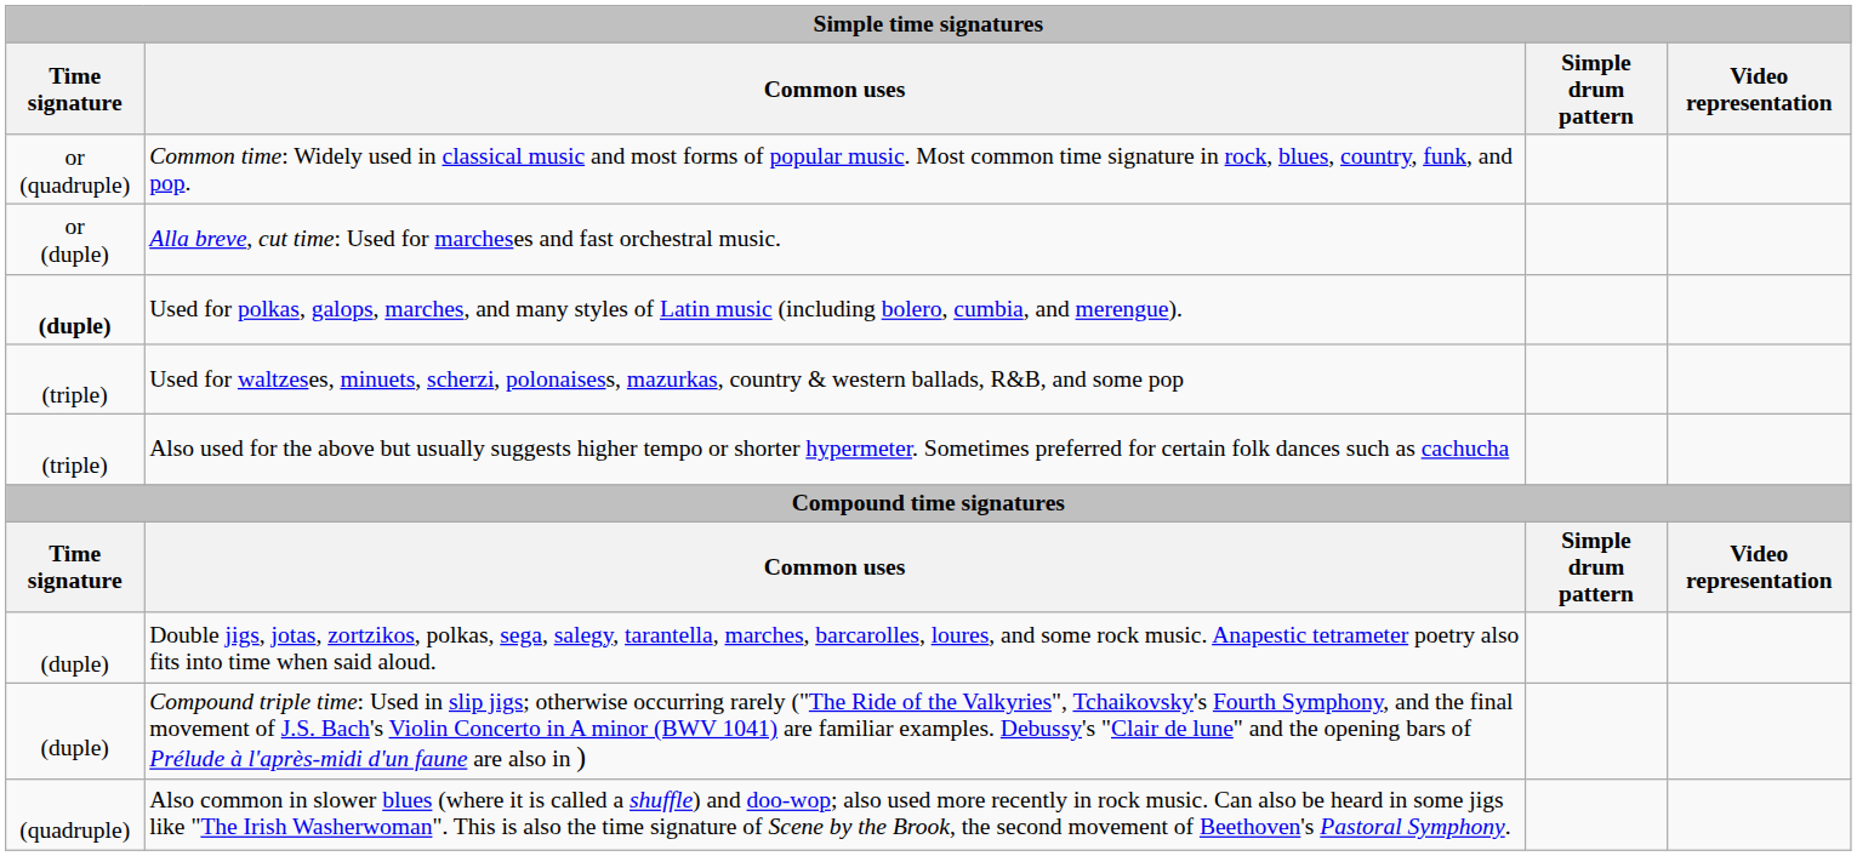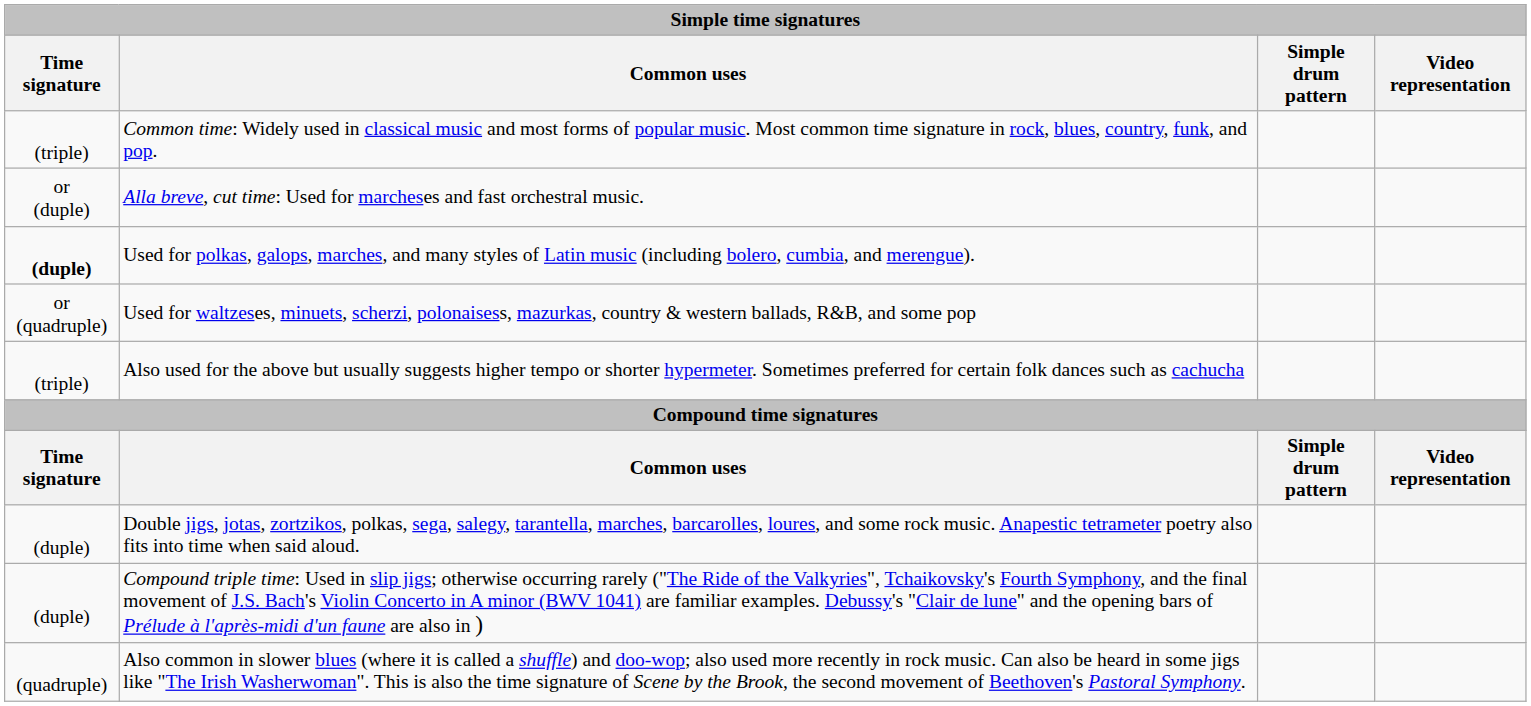 <table class="wikitable">
 <tr>
 <th colspan="4" style="background: Silver">Simple time signatures</th>
 </tr>
 <tr>
 <th>Time signature</th>
 <th>Common uses</th>
 <th>Simple drum pattern</th>
 <th>Video representation</th>
 </tr>
 <tr>
-<td align="center"><big></big> or <br>(quadruple)</td>
+<td align="center"><big></big><br>(triple)</td>
 <td><em>Common time</em>: Widely used in <a href='#'>classical music</a> and most forms of <a href='#'>popular music</a>. Most common time signature in <a href='#'>rock</a>, <a href='#'>blues</a>, <a href='#'>country</a>, <a href='#'>funk</a>, and <a href='#'>pop</a>.</td>
 <td></td>
 <td></td>
 </tr>
 <tr>
 <td align="center"><big></big> or <br>(duple)</td>
 <td><em><a href='#'>Alla breve</a></em>, <em>cut time</em>: Used for <a href='#'>marches</a>es and fast orchestral music.</td>
 <td></td>
 <td></td>
 </tr>
 <tr>
 <td align="center"><strong><big></big><br>(duple)</strong></td>
 <td>Used for <a href='#'>polkas</a>, <a href='#'>galops</a>, <a href='#'>marches</a>, and many styles of <a href='#'>Latin music</a> (including <a href='#'>bolero</a>, <a href='#'>cumbia</a>, and <a href='#'>merengue</a>).</td>
 <td></td>
 <td></td>
 </tr>
 <tr>
-<td align="center"><big></big><br>(triple)</td>
+<td align="center"><big></big> or <br>(quadruple)</td>
 <td> Used for <a href='#'>waltzes</a>es, <a href='#'>minuets</a>, <a href='#'>scherzi</a>, <a href='#'>polonaises</a>s, <a href='#'>mazurkas</a>, country & western ballads, R&B, and some pop</td>
 <td></td>
 <td></td>
 </tr>
 <tr>
 <td align="center"><big></big><br>(triple)</td>
 <td>Also used for the above but usually suggests higher tempo or shorter <a href='#'>hypermeter</a>. Sometimes preferred for certain folk dances such as <a href='#'>cachucha</a></td>
 <td></td>
 <td></td>
 </tr>
 <tr>
 <th colspan="4" style="background: Silver">Compound time signatures</th>
 </tr>
 <tr>
 <th>Time signature</th>
 <th>Common uses</th>
 <th>Simple drum pattern</th>
 <th>Video representation</th>
 </tr>
 <tr>
 <td align="center"><big></big><br>(duple)</td>
 <td>Double <a href='#'>jigs</a>, <a href='#'>jotas</a>, <a href='#'>zortzikos</a>, polkas, <a href='#'>sega</a>, <a href='#'>salegy</a>, <a href='#'>tarantella</a>, <a href='#'>marches</a>, <a href='#'>barcarolles</a>, <a href='#'>loures</a>, and some rock music. <a href='#'>Anapestic tetrameter</a> poetry also fits into  time when said aloud.</td>
 <td></td>
 <td></td>
 </tr>
 <tr>
 <td align="center"><big></big><br>(duple)</td>
 <td><em>Compound triple time</em>: Used in <a href='#'>slip jigs</a>; otherwise occurring rarely ("<a href='#'>The Ride of the Valkyries</a>", <a href='#'>Tchaikovsky</a>'s <a href='#'>Fourth Symphony</a>, and the final movement of <a href='#'>J.S. Bach</a>'s <a href='#'>Violin Concerto in A minor (BWV 1041)</a> are familiar examples. <a href='#'>Debussy</a>'s "<a href='#'>Clair de lune</a>" and the opening bars of <em><a href='#'>Prélude à l'après-midi d'un faune</a></em> are also in <big>)</big></td>
 <td></td>
 <td></td>
 </tr>
 <tr>
 <td align="center"><big></big><br>(quadruple)</td>
 <td>Also common in slower <a href='#'>blues</a> (where it is called a <em><a href='#'>shuffle</a></em>) and <a href='#'>doo-wop</a>; also used more recently in rock music. Can also be heard in some jigs like "<a href='#'>The Irish Washerwoman</a>". This is also the time signature of <em>Scene by the Brook</em>, the second movement of <a href='#'>Beethoven</a>'s <em><a href='#'>Pastoral Symphony</a></em>.</td>
 <td></td>
 <td></td>
 </tr>
 </table>
